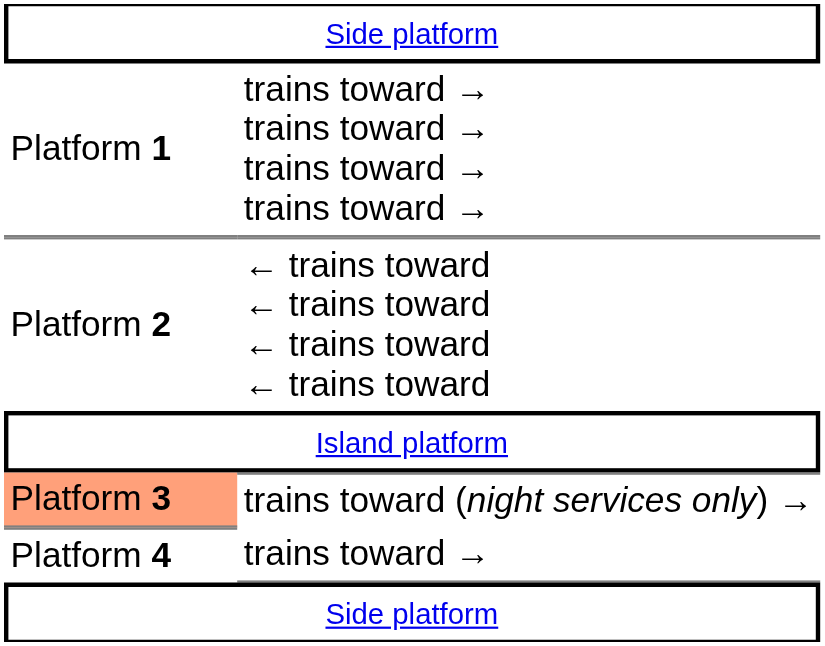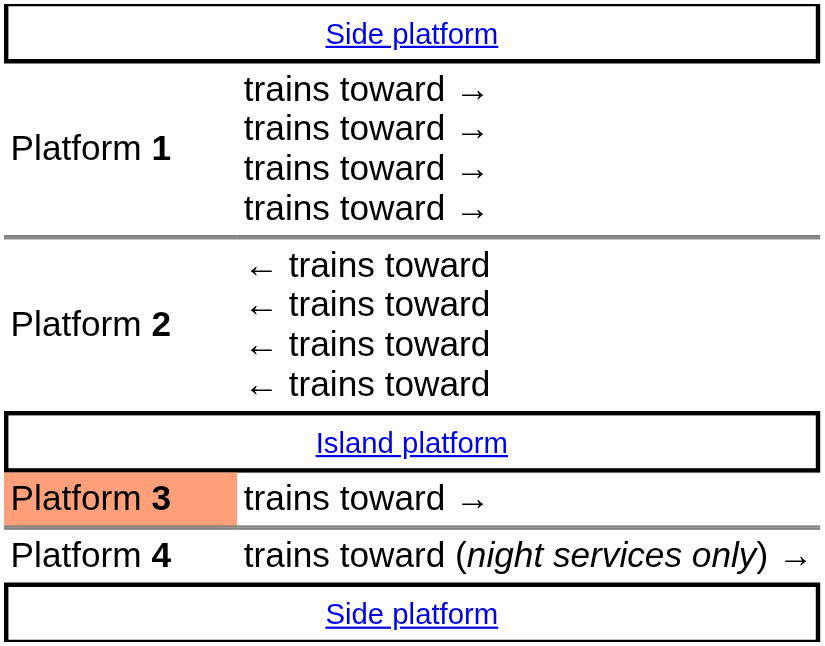 <table border=0 cellspacing=0 cellpadding=3>
 <tr>
 <td style="border-top:solid 1-x black;border-top:solid 1px black;border-right:solid 2px black;border-left:solid 2px black;border-bottom:solid 2px black;text-align:center;" colspan=2><small><a href='#'>Side platform</a></small></td>
 </tr>
 <tr>
 <td style="border-bottom:solid 1px gray;" width=100>Platform <strong>1</strong></td>
 <td style="border-bottom:solid 1px gray;">  trains toward   →<br>  trains toward   →<br>  trains toward   →<br>  trains toward   →</td>
 </tr>
 <tr>
 <td style="border-top:solid 1px gray;">Platform <strong>2</strong></td>
 <td style="border-top:solid 1px gray;">←  trains toward  <br>←  trains toward  <br>←  trains toward  <br>←  trains toward  </td>
 </tr>
 <tr>
 <td style="border-top:solid 2px black;border-right:solid 2px black;border-left:solid 2px black;border-bottom:solid 2px black;text-align:center;" colspan=2><small><a href='#'>Island platform</a></small></td>
 </tr>
 <tr>
 <td style="background: lightsalmon; border-bottom:solid 1px gray;">Platform <strong>3</strong></td>
-<td style="border-top:solid 1px gray;">  trains toward   (<em>night services only</em>) →</td>
+<td style="border-bottom:solid 1px gray;">  trains toward   →</td>
 </tr>
 <tr>
 <td style="border-top:solid 1px gray;">Platform <strong>4</strong></td>
-<td style="border-bottom:solid 1px gray;">  trains toward   →</td>
+<td style="border-top:solid 1px gray;">  trains toward   (<em>night services only</em>) →</td>
 </tr>
 <tr>
 <td style="border-top:solid 2px black;border-right:solid 2px black;border-left:solid 2px black;border-bottom:solid 1px black;text-align:center;" colspan=2><small><a href='#'>Side platform</a></small></td>
 </tr>
 </table>
